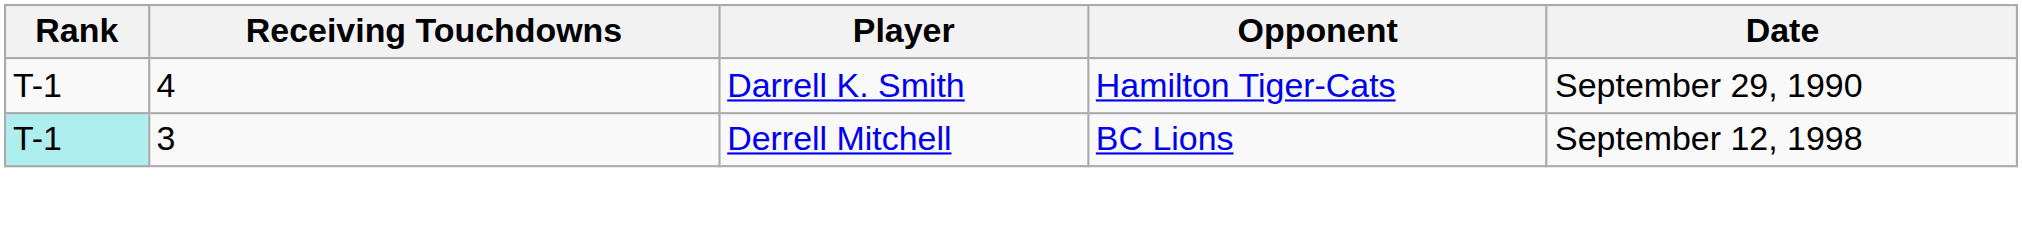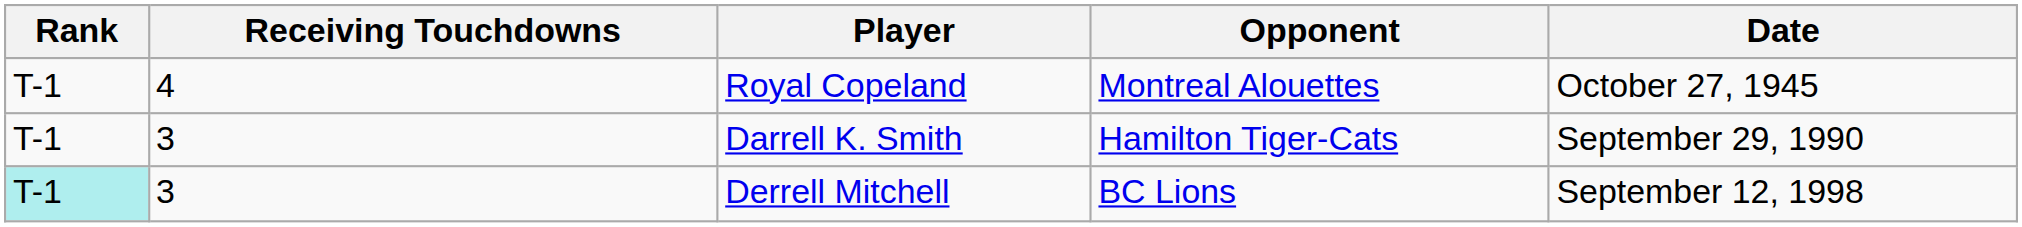 <table class="wikitable" style="width:60%;">
 <tr>
 <th>Rank</th>
 <th>Receiving Touchdowns</th>
 <th>Player</th>
 <th>Opponent</th>
 <th>Date</th>
 </tr>
 <tr>
 <td>T-1</td>
 <td>4</td>
+<td><a href='#'>Royal Copeland</a></td>
+<td><a href='#'>Montreal Alouettes</a></td>
+<td>October 27, 1945</td>
+</tr>
+<tr>
+<td>T-1</td>
+<td>3</td>
 <td><a href='#'>Darrell K. Smith</a></td>
 <td><a href='#'>Hamilton Tiger-Cats</a></td>
 <td>September 29, 1990</td>
 </tr>
 <tr>
 <td style="background: paleturquoise;">T-1</td>
 <td>3</td>
 <td><a href='#'>Derrell Mitchell</a></td>
 <td><a href='#'>BC Lions</a></td>
 <td>September 12, 1998</td>
 </tr>
 </table>
